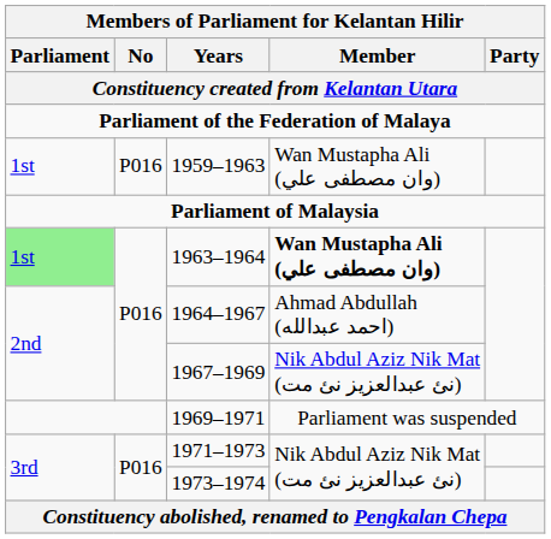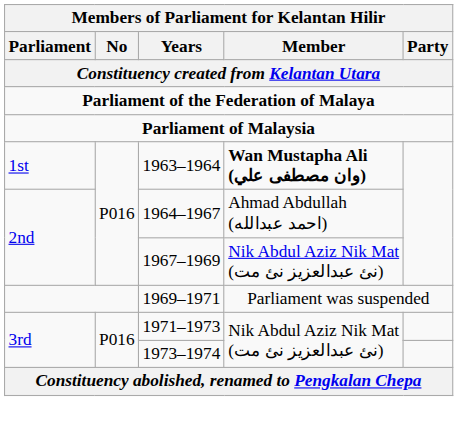 <table class=wikitable>
 <tr>
 <th colspan="5">Members of Parliament for Kelantan Hilir</th>
 </tr>
 <tr>
 <th>Parliament</th>
 <th>No</th>
 <th>Years</th>
 <th>Member</th>
 <th>Party</th>
 </tr>
 <tr>
 <th colspan="5" align="center"><em>Constituency created from <a href='#'>Kelantan Utara</a></em></th>
 </tr>
 <tr>
 <td colspan="5" align="center"><strong>Parliament of the Federation of Malaya</strong></td>
 </tr>
 <tr>
-<td><a href='#'>1st</a></td>
-<td>P016</td>
-<td>1959–1963</td>
-<td>Wan Mustapha Ali <br>  (وان مصطفى علي)</td>
-<td></td>
-</tr>
-<tr>
 <td colspan="5" align="center"><strong>Parliament of Malaysia</strong></td>
 </tr>
 <tr>
-<td style="background: lightgreen;"><a href='#'>1st</a></td>
+<td><a href='#'>1st</a></td>
 <td rowspan="3">P016</td>
 <td>1963–1964</td>
 <td><strong>Wan Mustapha Ali  <br> (وان مصطفى علي)</strong></td>
 <td rowspan=3></td>
 </tr>
 <tr>
 <td rowspan=2><a href='#'>2nd</a></td>
 <td>1964–1967</td>
 <td>Ahmad Abdullah  <br> (احمد عبدالله)</td>
 </tr>
 <tr>
 <td>1967–1969</td>
 <td><a href='#'>Nik Abdul Aziz Nik Mat</a>  <br> (نئ عبدالعزيز نئ مت)</td>
 </tr>
 <tr>
 <td colspan="2"></td>
 <td>1969–1971</td>
 <td colspan="2" align="center">Parliament was suspended</td>
 </tr>
 <tr>
 <td rowspan=2><a href='#'>3rd</a></td>
 <td rowspan="2">P016</td>
 <td>1971–1973</td>
 <td rowspan="2">Nik Abdul Aziz Nik Mat <br>  (نئ عبدالعزيز نئ مت)</td>
 <td></td>
 </tr>
 <tr>
 <td>1973–1974</td>
 <td></td>
 </tr>
 <tr>
 <th colspan="5" align="center"><em>Constituency abolished, renamed to <a href='#'>Pengkalan Chepa</a></em></th>
 </tr>
 </table>
